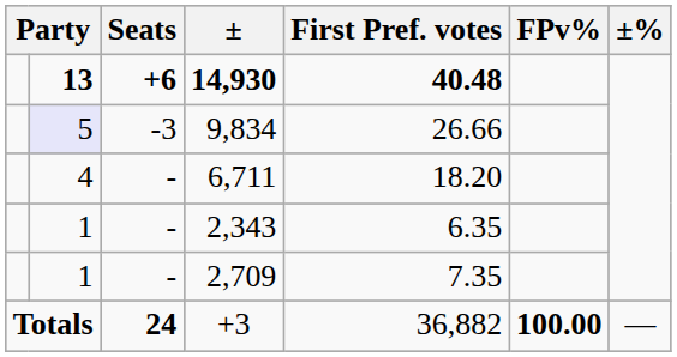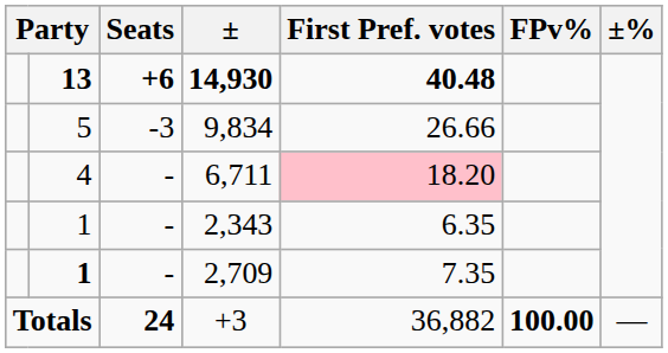 <table class=wikitable>
 <tr>
 <th colspan=2 align=center>Party</th>
 <th valign=top>Seats</th>
 <th valign=top>±</th>
 <th valign=top>First Pref. votes</th>
 <th valign=top>FPv%</th>
 <th valign=top>±%</th>
 </tr>
 <tr>
 <td></td>
 <td align=right><strong>13</strong></td>
 <td align=right><strong>+6</strong></td>
 <td align=right><strong>14,930</strong></td>
 <td align=right><strong>40.48</strong></td>
 <td align=right></td>
 </tr>
 <tr>
 <td></td>
-<td align=right style="background: lavender;">5</td>
+<td align=right>5</td>
 <td align=right>-3</td>
 <td align=right>9,834</td>
 <td align=right>26.66</td>
 <td align=right></td>
 </tr>
 <tr>
 <td></td>
 <td align=right>4</td>
 <td align=right>-</td>
 <td align=right>6,711</td>
-<td align=right>18.20</td>
+<td align=right style="background: pink;">18.20</td>
 <td align=right></td>
 </tr>
 <tr>
 <td></td>
 <td align=right>1</td>
 <td align=right>-</td>
 <td align=right>2,343</td>
 <td align=right>6.35</td>
 <td align=right></td>
 </tr>
 <tr>
 <td></td>
-<td align=right>1</td>
+<td align=right><strong>1</strong></td>
 <td align=right>-</td>
 <td align=right>2,709</td>
 <td align=right>7.35</td>
 <td align=right></td>
 </tr>
 <tr>
 <td colspan=2 align=center><strong>Totals</strong></td>
 <td align=right><strong>24</strong></td>
 <td align=center>+3</td>
 <td align=right>36,882</td>
 <td align=center><strong>100.00</strong></td>
 <td align=center>—</td>
 </tr>
 </table>
